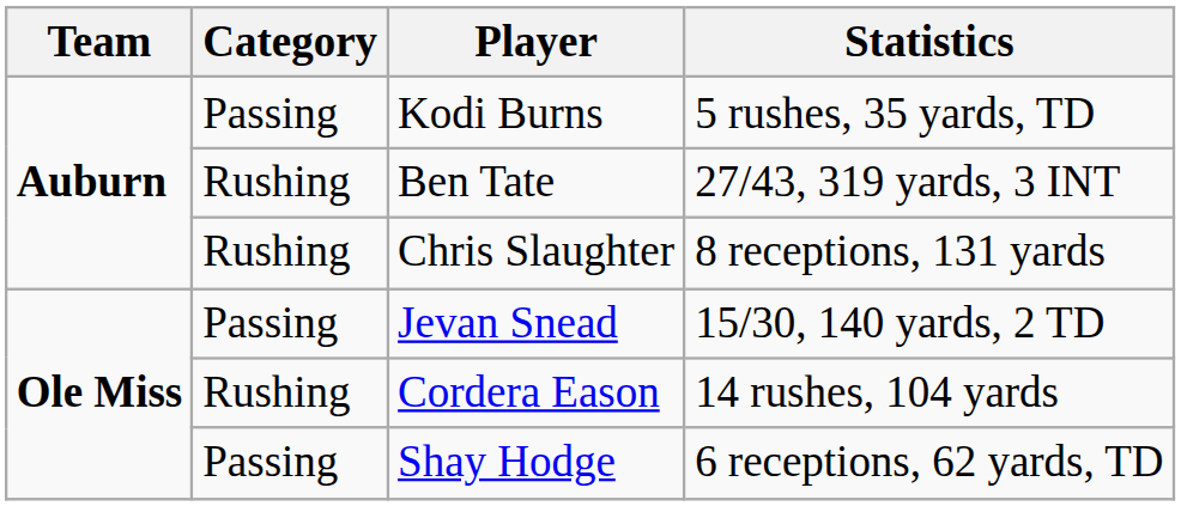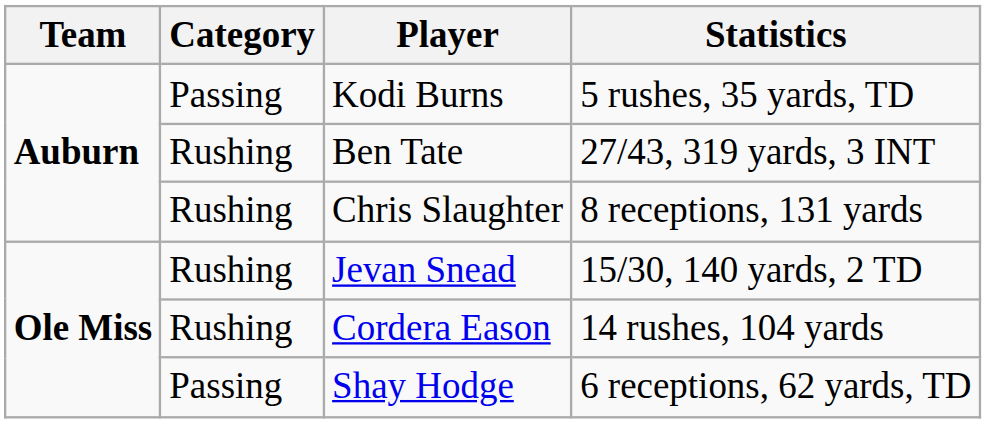 <table class="wikitable" style="float: left;">
 <tr>
 <th>Team</th>
 <th>Category</th>
 <th>Player</th>
 <th>Statistics</th>
 </tr>
 <tr>
 <td rowspan=3><strong>Auburn</strong></td>
 <td>Passing</td>
 <td>Kodi Burns</td>
 <td>5 rushes, 35 yards, TD</td>
 </tr>
 <tr>
 <td>Rushing</td>
 <td>Ben Tate</td>
 <td>27/43, 319 yards, 3 INT</td>
 </tr>
 <tr>
 <td>Rushing</td>
 <td>Chris Slaughter</td>
 <td>8 receptions, 131 yards</td>
 </tr>
 <tr>
 <td rowspan=3><strong>Ole Miss</strong></td>
-<td>Passing</td>
+<td>Rushing</td>
 <td><a href='#'>Jevan Snead</a></td>
 <td>15/30, 140 yards, 2 TD</td>
 </tr>
 <tr>
 <td>Rushing</td>
 <td><a href='#'>Cordera Eason</a></td>
 <td>14 rushes, 104 yards</td>
 </tr>
 <tr>
 <td>Passing</td>
 <td><a href='#'>Shay Hodge</a></td>
 <td>6 receptions, 62 yards, TD</td>
 </tr>
 </table>
